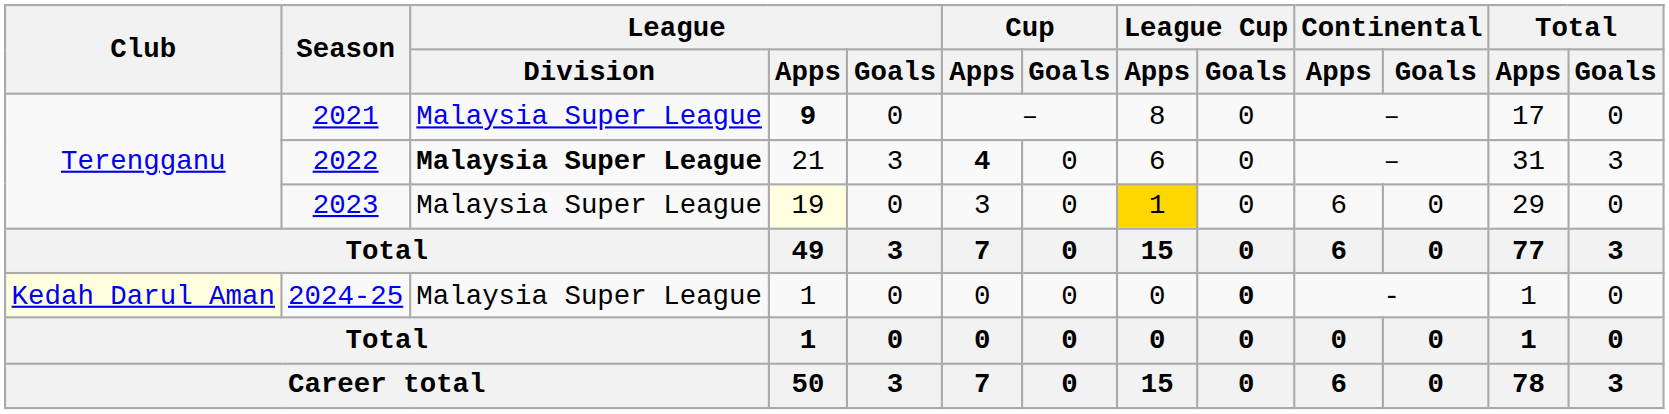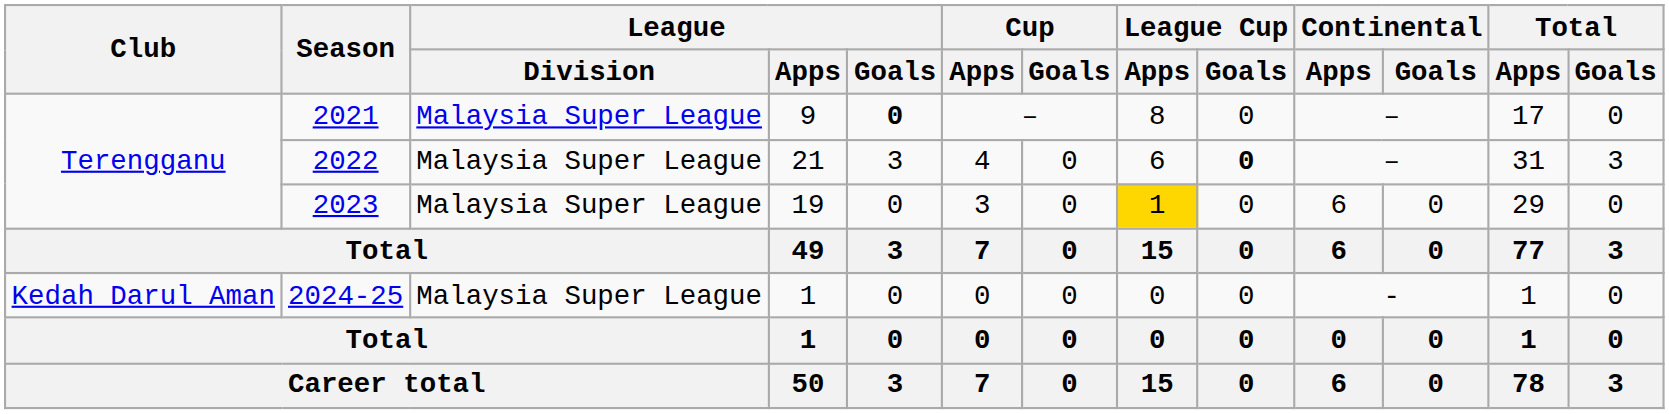 <table class=wikitable style="text-align:center">
 <tr>
 <th rowspan=2>Club</th>
 <th rowspan=2>Season</th>
 <th colspan=3>League</th>
 <th colspan=2>Cup</th>
 <th colspan=2>League Cup</th>
 <th colspan=2>Continental</th>
 <th colspan=2>Total</th>
 </tr>
 <tr>
 <th>Division</th>
 <th>Apps</th>
 <th>Goals</th>
 <th>Apps</th>
 <th>Goals</th>
 <th>Apps</th>
 <th>Goals</th>
 <th>Apps</th>
 <th>Goals</th>
 <th>Apps</th>
 <th>Goals</th>
 </tr>
 <tr>
 <td rowspan=3><a href='#'>Terengganu</a></td>
 <td><a href='#'>2021</a></td>
 <td><a href='#'>Malaysia Super League</a></td>
-<td><strong>9</strong></td>
-<td>0</td>
+<td>9</td>
+<td><strong>0</strong></td>
 <td colspan=2>–</td>
 <td>8</td>
 <td>0</td>
 <td colspan=2>–</td>
 <td>17</td>
 <td>0</td>
 </tr>
 <tr>
 <td><a href='#'>2022</a></td>
-<td><strong>Malaysia Super League</strong></td>
+<td>Malaysia Super League</td>
 <td>21</td>
 <td>3</td>
-<td><strong>4</strong></td>
+<td>4</td>
 <td>0</td>
 <td>6</td>
-<td>0</td>
+<td><strong>0</strong></td>
 <td colspan=2>–</td>
 <td>31</td>
 <td>3</td>
 </tr>
 <tr>
 <td><a href='#'>2023</a></td>
 <td>Malaysia Super League</td>
-<td style="background: lightyellow;">19</td>
+<td>19</td>
 <td>0</td>
 <td>3</td>
 <td>0</td>
 <td style="background: gold;">1</td>
 <td>0</td>
 <td>6</td>
 <td>0</td>
 <td>29</td>
 <td>0</td>
 </tr>
 <tr>
 <th colspan="3">Total</th>
 <th>49</th>
 <th>3</th>
 <th>7</th>
 <th>0</th>
 <th>15</th>
 <th>0</th>
 <th>6</th>
 <th>0</th>
 <th>77</th>
 <th>3</th>
 </tr>
 <tr>
-<td style="background: lightyellow;"><a href='#'>Kedah Darul Aman</a></td>
+<td><a href='#'>Kedah Darul Aman</a></td>
 <td><a href='#'>2024-25</a></td>
 <td>Malaysia Super League</td>
 <td>1</td>
 <td>0</td>
 <td>0</td>
 <td>0</td>
 <td>0</td>
-<td><strong>0</strong></td>
+<td>0</td>
 <td colspan=2>-</td>
 <td>1</td>
 <td>0</td>
 </tr>
 <tr>
 <th colspan="3">Total</th>
 <th>1</th>
 <th>0</th>
 <th>0</th>
 <th>0</th>
 <th>0</th>
 <th>0</th>
 <th>0</th>
 <th>0</th>
 <th>1</th>
 <th>0</th>
 </tr>
 <tr>
 <th colspan="3">Career total</th>
 <th>50</th>
 <th>3</th>
 <th>7</th>
 <th>0</th>
 <th>15</th>
 <th>0</th>
 <th>6</th>
 <th>0</th>
 <th>78</th>
 <th>3</th>
 </tr>
 </table>
